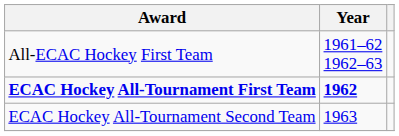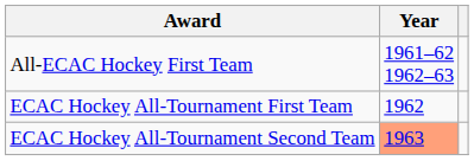 <table class="wikitable">
 <tr>
 <th>Award</th>
 <th>Year</th>
 <th></th>
 </tr>
 <tr>
 <td>All-<a href='#'>ECAC Hockey</a> <a href='#'>First Team</a></td>
 <td><a href='#'>1961–62</a><br><a href='#'>1962–63</a></td>
 <td></td>
 </tr>
 <tr>
-<td><strong><a href='#'>ECAC Hockey</a> <a href='#'>All-Tournament First Team</a></strong></td>
-<td><strong><a href='#'>1962</a></strong></td>
+<td><a href='#'>ECAC Hockey</a> <a href='#'>All-Tournament First Team</a></td>
+<td><a href='#'>1962</a></td>
 <td></td>
 </tr>
 <tr>
 <td><a href='#'>ECAC Hockey</a> <a href='#'>All-Tournament Second Team</a></td>
-<td><a href='#'>1963</a></td>
+<td style="background: lightsalmon;"><a href='#'>1963</a></td>
 <td></td>
 </tr>
 <tr>
 </tr>
 </table>
